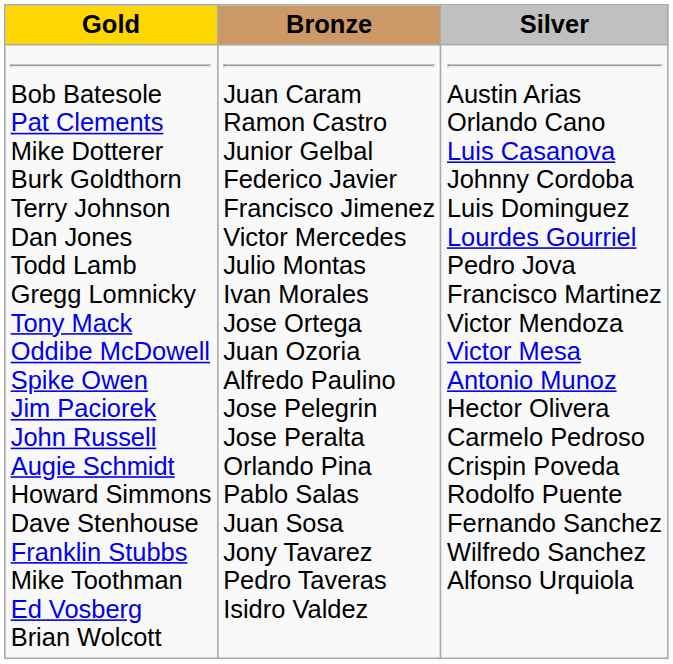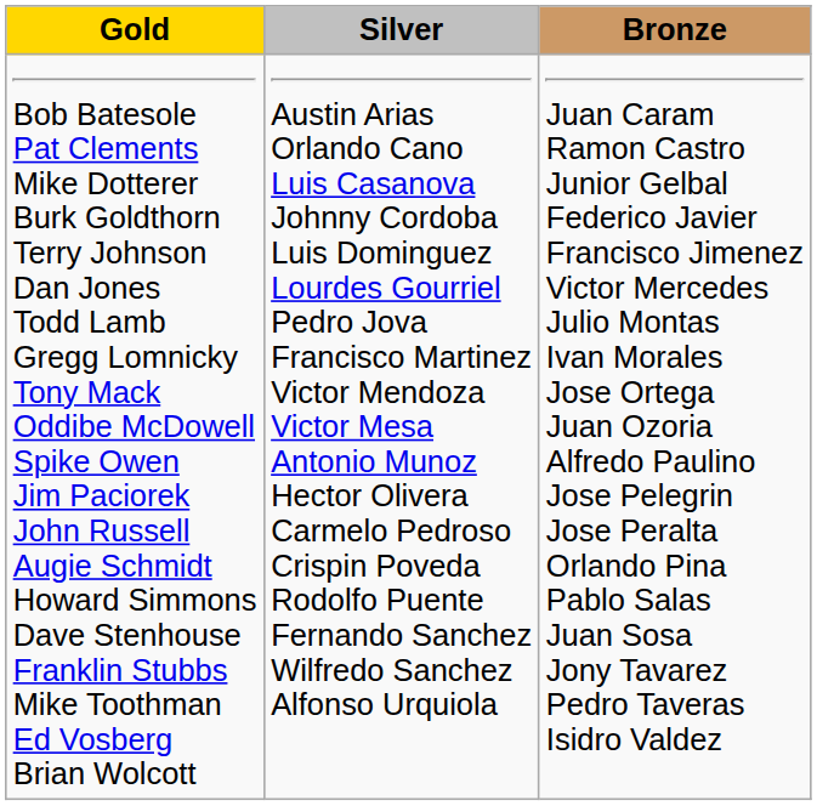 <table class="wikitable">
 <tr>
 <td style="text-align:center;background-color:gold;"><strong>Gold</strong></td>
+<td style="text-align:center;background-color:silver;"><strong>Silver</strong></td>
 <td style="text-align:center;background-color:#CC9966;"><strong>Bronze</strong></td>
-<td style="text-align:center;background-color:silver;"><strong>Silver</strong></td>
 </tr>
 <tr>
 <td><hr>Bob Batesole<br><a href='#'>Pat Clements</a><br>Mike Dotterer<br>Burk Goldthorn<br>Terry Johnson<br>Dan Jones<br>Todd Lamb<br>Gregg Lomnicky<br><a href='#'>Tony Mack</a><br><a href='#'>Oddibe McDowell</a><br><a href='#'>Spike Owen</a><br><a href='#'>Jim Paciorek</a><br><a href='#'>John Russell</a><br><a href='#'>Augie Schmidt</a><br>Howard Simmons<br>Dave Stenhouse<br><a href='#'>Franklin Stubbs</a><br>Mike Toothman<br><a href='#'>Ed Vosberg</a><br>Brian Wolcott<br></td>
+<td><hr>Austin Arias<br>Orlando Cano<br><a href='#'>Luis Casanova</a><br>Johnny Cordoba<br>Luis Dominguez<br><a href='#'>Lourdes Gourriel</a><br>Pedro Jova<br>Francisco Martinez<br>Victor Mendoza<br><a href='#'>Victor Mesa</a><br><a href='#'>Antonio Munoz</a><br>Hector Olivera<br>Carmelo Pedroso<br>Crispin Poveda<br>Rodolfo Puente<br>Fernando Sanchez<br>Wilfredo Sanchez<br>Alfonso Urquiola<br><br><br></td>
 <td><hr>Juan Caram<br>Ramon Castro<br>Junior Gelbal<br>Federico Javier<br>Francisco Jimenez<br>Victor Mercedes<br>Julio Montas<br>Ivan Morales<br>Jose Ortega<br>Juan Ozoria<br>Alfredo Paulino<br>Jose Pelegrin<br>Jose Peralta<br>Orlando Pina<br>Pablo Salas<br>Juan Sosa<br>Jony Tavarez<br>Pedro Taveras<br>Isidro Valdez<br><br></td>
-<td><hr>Austin Arias<br>Orlando Cano<br><a href='#'>Luis Casanova</a><br>Johnny Cordoba<br>Luis Dominguez<br><a href='#'>Lourdes Gourriel</a><br>Pedro Jova<br>Francisco Martinez<br>Victor Mendoza<br><a href='#'>Victor Mesa</a><br><a href='#'>Antonio Munoz</a><br>Hector Olivera<br>Carmelo Pedroso<br>Crispin Poveda<br>Rodolfo Puente<br>Fernando Sanchez<br>Wilfredo Sanchez<br>Alfonso Urquiola<br><br><br></td>
 </tr>
 </table>
